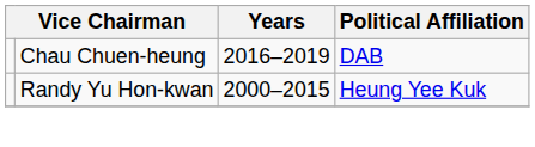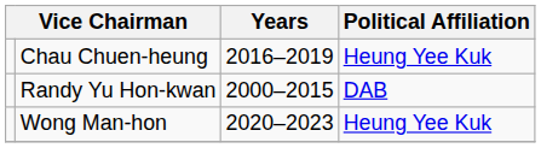 <table class="wikitable">
 <tr>
 <th colspan=2>Vice Chairman</th>
 <th>Years</th>
 <th>Political Affiliation</th>
 </tr>
 <tr>
 <td style="color:inherit;background: "></td>
 <td>Chau Chuen-heung</td>
 <td>2016–2019</td>
-<td><a href='#'>DAB</a></td>
+<td><a href='#'>Heung Yee Kuk</a></td>
 </tr>
 <tr>
 <td style="color:inherit;background: "></td>
 <td>Randy Yu Hon-kwan</td>
 <td>2000–2015</td>
+<td><a href='#'>DAB</a></td>
+</tr>
+<tr>
+<td style="color:inherit;background: "></td>
+<td>Wong Man-hon</td>
+<td>2020–2023</td>
 <td><a href='#'>Heung Yee Kuk</a></td>
 </tr>
 <tr>
 </tr>
 </table>
